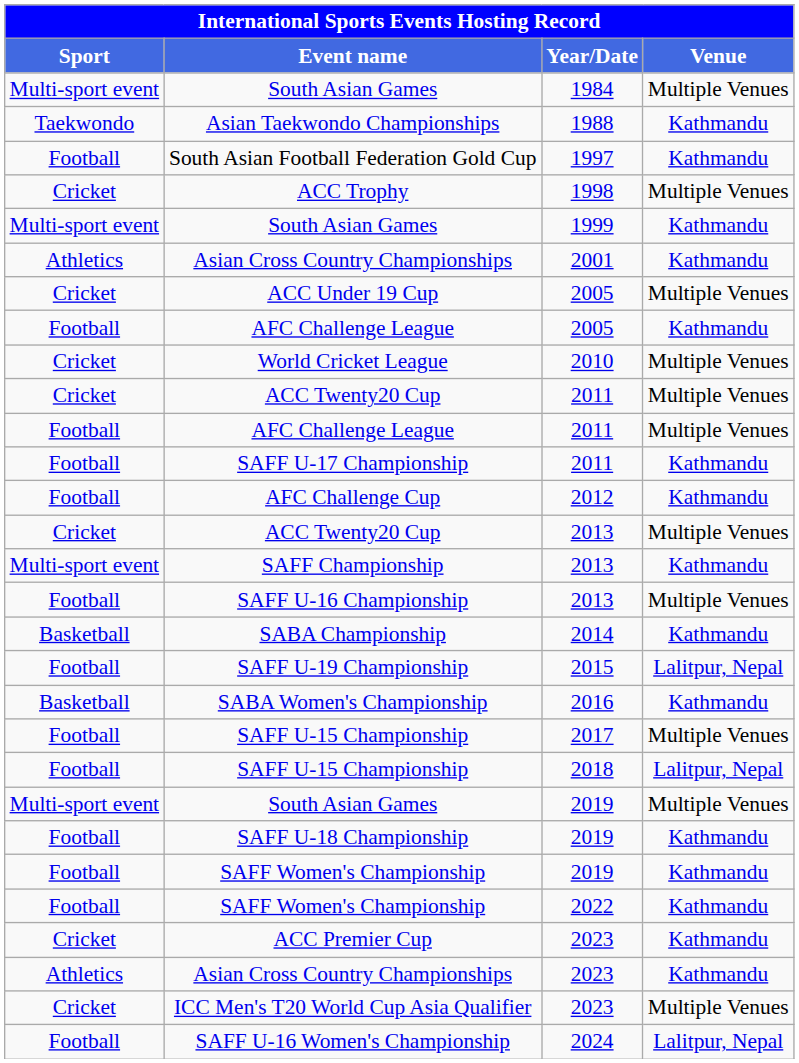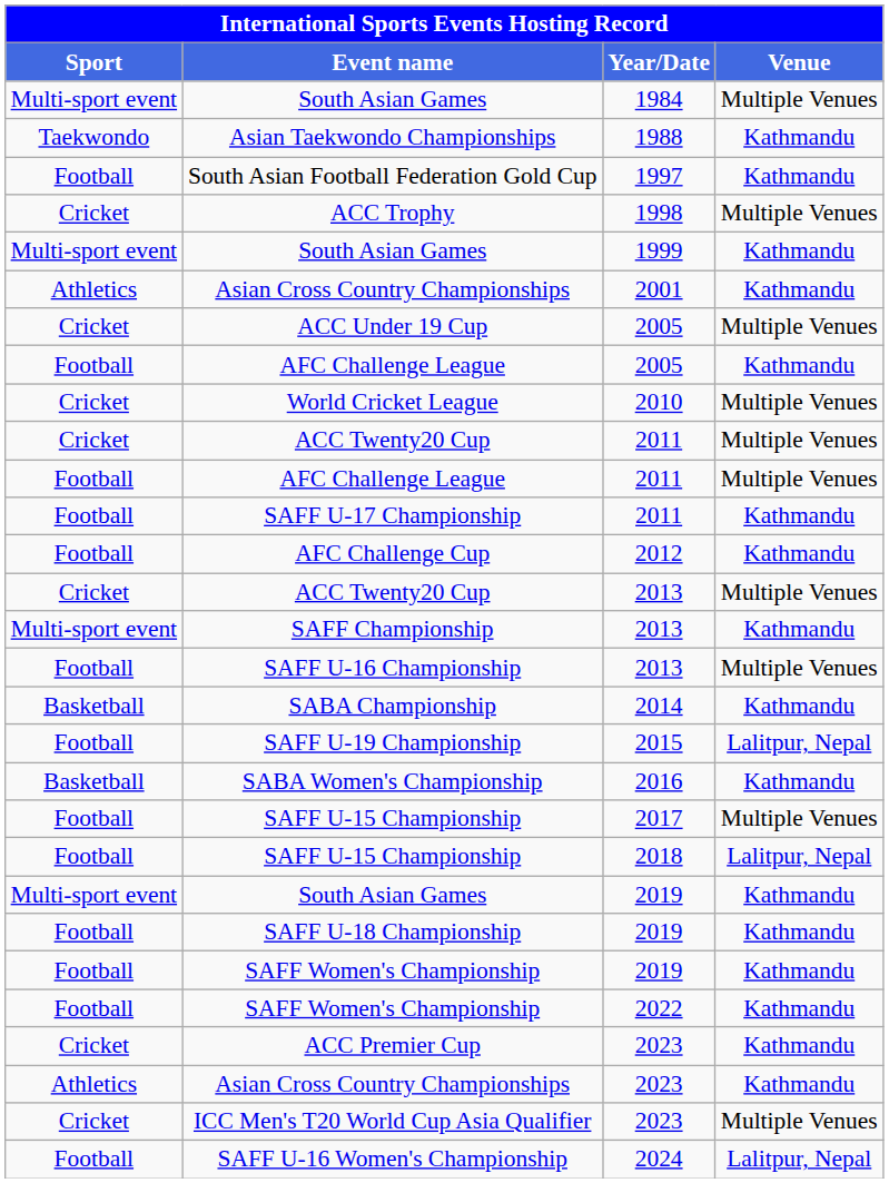 <table class="wikitable collapsible" style="text-align: center;">
 <tr>
 <th colspan=4 style="background: #0000FF; color: #FFFFFF;">International Sports Events Hosting Record</th>
 </tr>
 <tr>
 <th style="background: #4169E1; color: #FFFFFF;">Sport</th>
 <th style="background: #4169E1; color: #FFFFFF;">Event name</th>
 <th style="background: #4169E1; color: #FFFFFF;">Year/Date</th>
 <th style="background: #4169E1; color: #FFFFFF;">Venue</th>
 </tr>
 <tr>
 <td><a href='#'>Multi-sport event</a></td>
 <td><a href='#'>South Asian Games</a></td>
 <td><a href='#'>1984</a></td>
 <td>Multiple Venues</td>
 </tr>
 <tr>
 <td> <a href='#'>Taekwondo</a></td>
 <td><a href='#'>Asian Taekwondo Championships</a></td>
 <td><a href='#'>1988</a></td>
 <td><a href='#'>Kathmandu</a></td>
 </tr>
 <tr>
 <td> <a href='#'>Football</a></td>
 <td>South Asian Football Federation Gold Cup</td>
 <td><a href='#'>1997</a></td>
 <td><a href='#'>Kathmandu</a></td>
 </tr>
 <tr>
 <td> <a href='#'>Cricket</a></td>
 <td><a href='#'>ACC Trophy</a></td>
 <td><a href='#'>1998</a></td>
 <td>Multiple Venues</td>
 </tr>
 <tr>
 <td><a href='#'>Multi-sport event</a></td>
 <td><a href='#'>South Asian Games</a></td>
 <td><a href='#'>1999</a></td>
 <td><a href='#'>Kathmandu</a></td>
 </tr>
 <tr>
 <td><a href='#'>Athletics</a></td>
 <td><a href='#'>Asian Cross Country Championships</a></td>
 <td><a href='#'>2001</a></td>
 <td><a href='#'>Kathmandu</a></td>
 </tr>
 <tr>
 <td> <a href='#'>Cricket</a></td>
 <td><a href='#'>ACC Under 19 Cup</a></td>
 <td><a href='#'>2005</a></td>
 <td>Multiple Venues</td>
 </tr>
 <tr>
 <td> <a href='#'>Football</a></td>
 <td><a href='#'>AFC Challenge League</a></td>
 <td><a href='#'>2005</a></td>
 <td><a href='#'>Kathmandu</a></td>
 </tr>
 <tr>
 <td> <a href='#'>Cricket</a></td>
 <td><a href='#'>World Cricket League</a></td>
 <td><a href='#'>2010</a></td>
 <td>Multiple Venues</td>
 </tr>
 <tr>
 <td> <a href='#'>Cricket</a></td>
 <td><a href='#'>ACC Twenty20 Cup</a></td>
 <td><a href='#'>2011</a></td>
 <td>Multiple Venues</td>
 </tr>
 <tr>
 <td> <a href='#'>Football</a></td>
 <td><a href='#'>AFC Challenge League</a></td>
 <td><a href='#'>2011</a></td>
 <td>Multiple Venues</td>
 </tr>
 <tr>
 <td> <a href='#'>Football</a></td>
 <td><a href='#'>SAFF U-17 Championship</a></td>
 <td><a href='#'>2011</a></td>
 <td><a href='#'>Kathmandu</a></td>
 </tr>
 <tr>
 <td> <a href='#'>Football</a></td>
 <td><a href='#'>AFC Challenge Cup</a></td>
 <td><a href='#'>2012</a></td>
 <td><a href='#'>Kathmandu</a></td>
 </tr>
 <tr>
 <td> <a href='#'>Cricket</a></td>
 <td><a href='#'>ACC Twenty20 Cup</a></td>
 <td><a href='#'>2013</a></td>
 <td>Multiple Venues</td>
 </tr>
 <tr>
 <td><a href='#'>Multi-sport event</a></td>
 <td><a href='#'>SAFF Championship</a></td>
 <td><a href='#'>2013</a></td>
 <td><a href='#'>Kathmandu</a></td>
 </tr>
 <tr>
 <td> <a href='#'>Football</a></td>
 <td><a href='#'>SAFF U-16 Championship</a></td>
 <td><a href='#'>2013</a></td>
 <td>Multiple Venues</td>
 </tr>
 <tr>
 <td> <a href='#'>Basketball</a></td>
 <td><a href='#'>SABA Championship</a></td>
 <td><a href='#'>2014</a></td>
 <td><a href='#'>Kathmandu</a></td>
 </tr>
 <tr>
 <td> <a href='#'>Football</a></td>
 <td><a href='#'>SAFF U-19 Championship</a></td>
 <td><a href='#'>2015</a></td>
 <td><a href='#'>Lalitpur, Nepal</a></td>
 </tr>
 <tr>
 <td> <a href='#'>Basketball</a></td>
 <td><a href='#'>SABA Women's Championship</a></td>
 <td><a href='#'>2016</a></td>
 <td><a href='#'>Kathmandu</a></td>
 </tr>
 <tr>
 <td> <a href='#'>Football</a></td>
 <td><a href='#'>SAFF U-15 Championship</a></td>
 <td><a href='#'>2017</a></td>
 <td>Multiple Venues</td>
 </tr>
 <tr>
 <td> <a href='#'>Football</a></td>
 <td><a href='#'>SAFF U-15 Championship</a></td>
 <td><a href='#'>2018</a></td>
 <td><a href='#'>Lalitpur, Nepal</a></td>
 </tr>
 <tr>
 <td><a href='#'>Multi-sport event</a></td>
 <td><a href='#'>South Asian Games</a></td>
 <td><a href='#'>2019</a></td>
-<td>Multiple Venues</td>
+<td><a href='#'>Kathmandu</a></td>
 </tr>
 <tr>
 <td> <a href='#'>Football</a></td>
 <td><a href='#'>SAFF U-18 Championship</a></td>
 <td><a href='#'>2019</a></td>
 <td><a href='#'>Kathmandu</a></td>
 </tr>
 <tr>
 <td> <a href='#'>Football</a></td>
 <td><a href='#'>SAFF Women's Championship</a></td>
 <td><a href='#'>2019</a></td>
 <td><a href='#'>Kathmandu</a></td>
 </tr>
 <tr>
 <td> <a href='#'>Football</a></td>
 <td><a href='#'>SAFF Women's Championship</a></td>
 <td><a href='#'>2022</a></td>
 <td><a href='#'>Kathmandu</a></td>
 </tr>
 <tr>
 <td> <a href='#'>Cricket</a></td>
 <td><a href='#'>ACC Premier Cup</a></td>
 <td><a href='#'>2023</a></td>
 <td><a href='#'>Kathmandu</a></td>
 </tr>
 <tr>
 <td><a href='#'>Athletics</a></td>
 <td><a href='#'>Asian Cross Country Championships</a></td>
 <td><a href='#'>2023</a></td>
 <td><a href='#'>Kathmandu</a></td>
 </tr>
 <tr>
 <td> <a href='#'>Cricket</a></td>
 <td><a href='#'>ICC Men's T20 World Cup Asia Qualifier</a></td>
 <td><a href='#'>2023</a></td>
 <td>Multiple Venues</td>
 </tr>
 <tr>
 <td> <a href='#'>Football</a></td>
 <td><a href='#'>SAFF U-16 Women's Championship</a></td>
 <td><a href='#'>2024</a></td>
 <td><a href='#'>Lalitpur, Nepal</a></td>
 </tr>
 </table>
